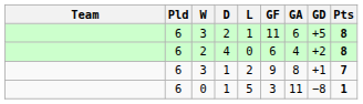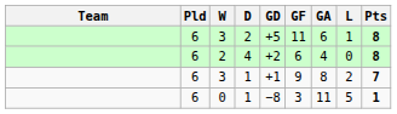 <table class="wikitable" style="text-align:center;">
 <tr>
 <th width=175>Team</th>
 <th style="width:20px;" abbr="Played">Pld</th>
 <th style="width:20px;" abbr="Won">W</th>
 <th style="width:20px;" abbr="Drawn">D</th>
-<th style="width:20px;" abbr="Lost">L</th>
+<th style="width:20px;" abbr="Goal difference">GD</th>
 <th style="width:20px;" abbr="Goals for">GF</th>
 <th style="width:20px;" abbr="Goals against">GA</th>
-<th style="width:20px;" abbr="Goal difference">GD</th>
+<th style="width:20px;" abbr="Lost">L</th>
 <th style="width:20px;" abbr="Points">Pts</th>
 </tr>
 <tr bgcolor="#ccffcc">
 <td align=left></td>
 <td>6</td>
 <td>3</td>
 <td>2</td>
-<td>1</td>
+<td>+5</td>
 <td>11</td>
 <td>6</td>
-<td>+5</td>
+<td>1</td>
 <td><strong>8</strong></td>
 </tr>
 <tr bgcolor="#ccffcc">
 <td align=left></td>
 <td>6</td>
 <td>2</td>
 <td>4</td>
-<td>0</td>
+<td>+2</td>
 <td>6</td>
 <td>4</td>
-<td>+2</td>
+<td>0</td>
 <td><strong>8</strong></td>
 </tr>
 <tr>
 <td align=left></td>
 <td>6</td>
 <td>3</td>
 <td>1</td>
-<td>2</td>
+<td>+1</td>
 <td>9</td>
 <td>8</td>
-<td>+1</td>
+<td>2</td>
 <td><strong>7</strong></td>
 </tr>
 <tr>
 <td align=left></td>
 <td>6</td>
 <td>0</td>
 <td>1</td>
-<td>5</td>
+<td>−8</td>
 <td>3</td>
 <td>11</td>
-<td>−8</td>
+<td>5</td>
 <td><strong>1</strong></td>
 </tr>
 </table>
